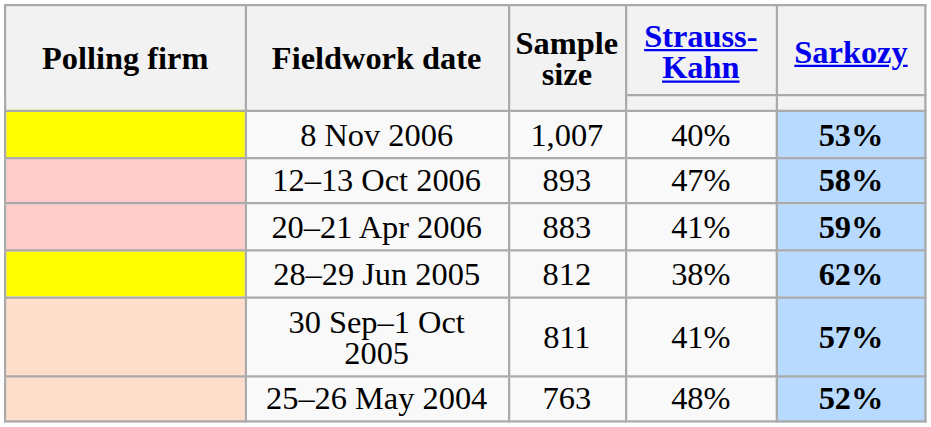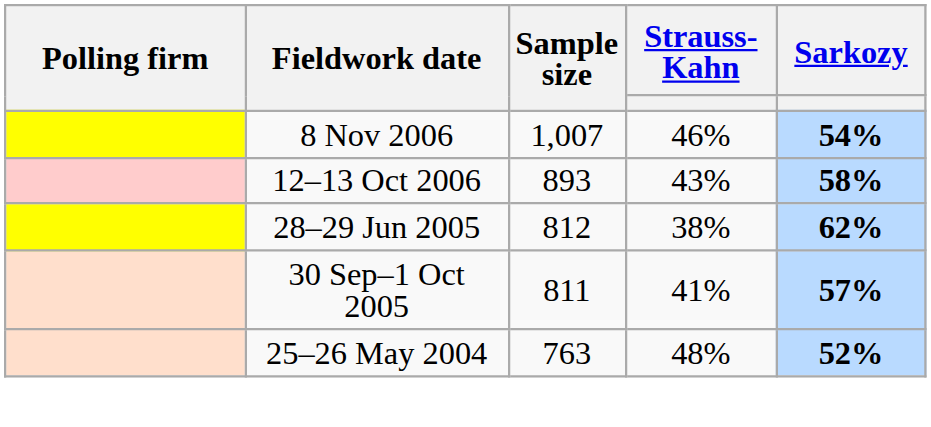 <table class="wikitable sortable" style="text-align:center;font-size:90%;line-height:14px;">
 <tr style="height:40px;">
 <th style="width:100px;" rowspan="2">Polling firm</th>
 <th style="width:110px;" rowspan="2">Fieldwork date</th>
 <th style="width:35px;" rowspan="2">Sample<br>size</th>
 <th class="unsortable" style="width:60px;"><a href='#'>Strauss-Kahn</a><br></th>
 <th class="unsortable" style="width:60px;"><a href='#'>Sarkozy</a><br></th>
 </tr>
 <tr>
 <th style="background:"></th>
 <th style="background:"></th>
 </tr>
 <tr>
 <td style="background:yellow;"></td>
 <td data-sort-value="2006-11-08">8 Nov 2006</td>
 <td>1,007</td>
-<td>40%</td>
-<td style="background:#B9DAFF;"><strong>53%</strong></td>
+<td>46%</td>
+<td style="background:#B9DAFF;"><strong>54%</strong></td>
 </tr>
 <tr>
 <td style="background:#FFCCCC;"></td>
 <td data-sort-value="2006-10-13">12–13 Oct 2006</td>
 <td>893</td>
-<td>47%</td>
+<td>43%</td>
 <td style="background:#B9DAFF;"><strong>58%</strong></td>
-</tr>
-<tr>
-<td style="background:#FFCCCC;"></td>
-<td data-sort-value="2006-04-21">20–21 Apr 2006</td>
-<td>883</td>
-<td>41%</td>
-<td style="background:#B9DAFF;"><strong>59%</strong></td>
 </tr>
 <tr>
 <td style="background:yellow;"></td>
 <td data-sort-value="2005-06-29">28–29 Jun 2005</td>
 <td>812</td>
 <td>38%</td>
 <td style="background:#B9DAFF;"><strong>62%</strong></td>
 </tr>
 <tr>
 <td style="background:#FFDFCC;"></td>
 <td data-sort-value="2005-10-01">30 Sep–1 Oct 2005</td>
 <td>811</td>
 <td>41%</td>
 <td style="background:#B9DAFF;"><strong>57%</strong></td>
 </tr>
 <tr>
 <td style="background:#FFDFCC;"></td>
 <td data-sort-value="2004-05-26">25–26 May 2004</td>
 <td>763</td>
 <td>48%</td>
 <td style="background:#B9DAFF;"><strong>52%</strong></td>
 </tr>
 </table>
